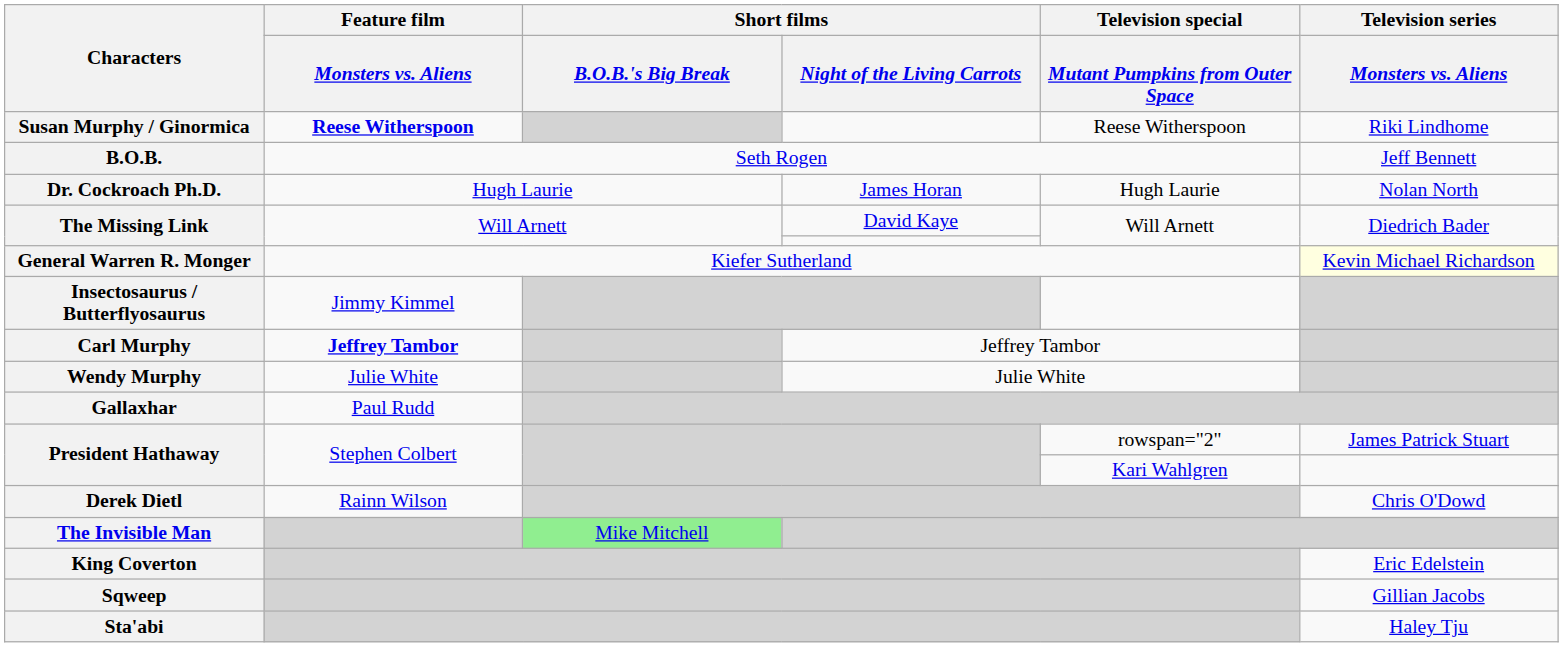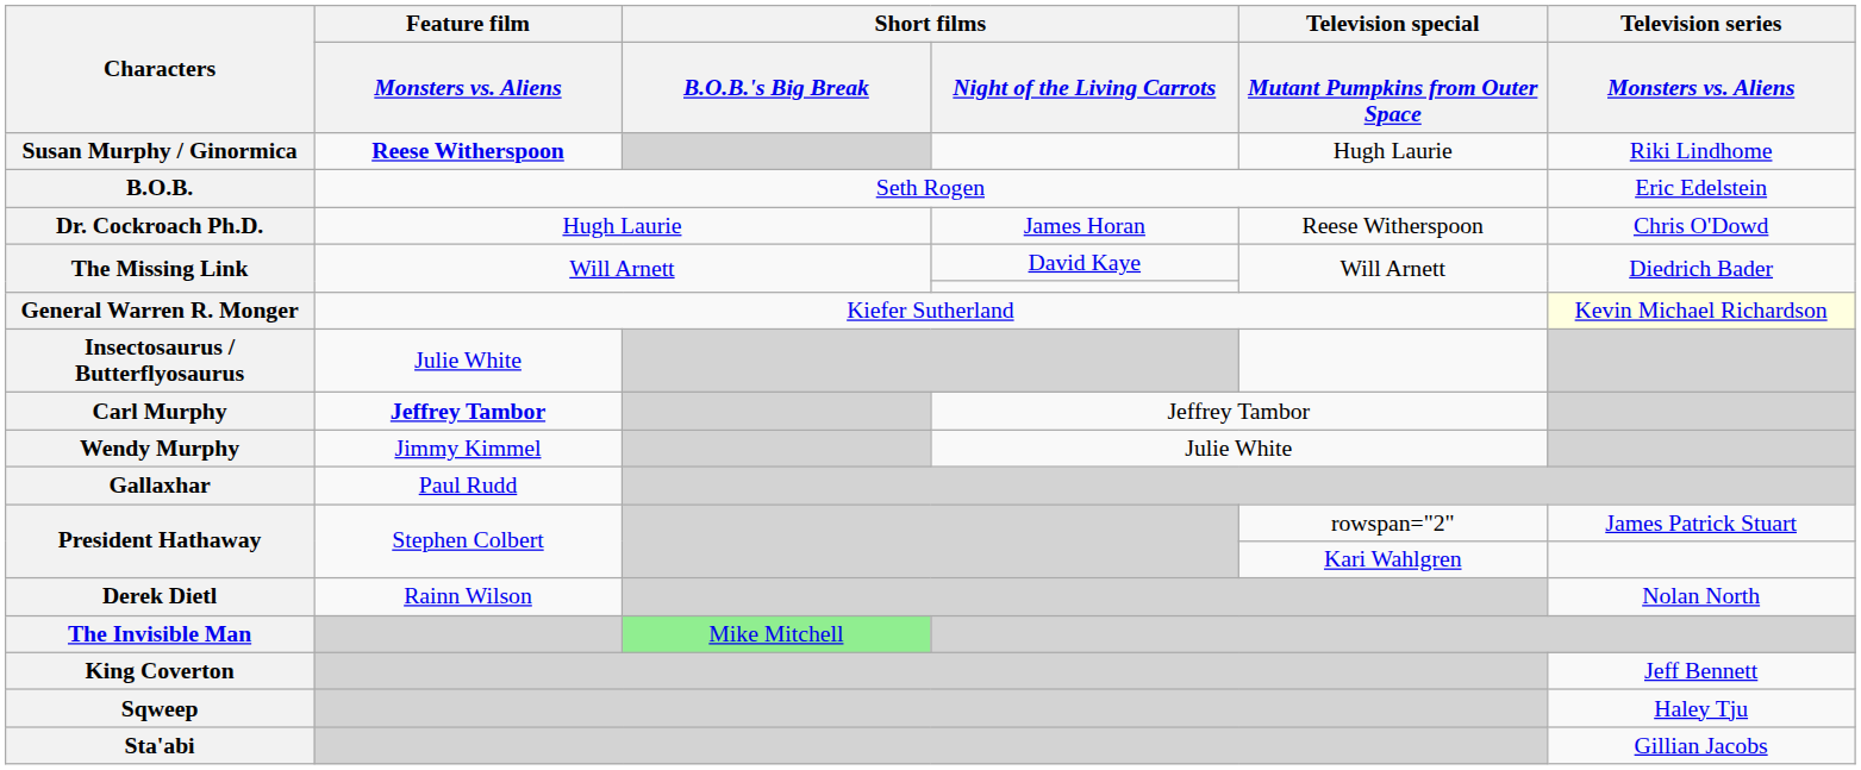 <table class="wikitable"  style="text-align:center; width:100%;">
 <tr>
 <th rowspan="2" style="width:15%;">Characters</th>
 <th>Feature film</th>
 <th colspan="2">Short films</th>
 <th>Television special</th>
 <th>Television series</th>
 </tr>
 <tr>
 <th style="width:15%;"><em><a href='#'>Monsters vs. Aliens</a></em></th>
 <th style="width:15%;"><em><a href='#'>B.O.B.'s Big Break</a></em></th>
 <th style="width:15%;"><em><a href='#'>Night of the Living Carrots</a></em></th>
 <th style="width:15%;"><em><a href='#'><br>Mutant Pumpkins from Outer Space</a></em></th>
 <th style="width:15%;"><em><a href='#'>Monsters vs. Aliens</a></em></th>
 </tr>
 <tr>
 <th>Susan Murphy / Ginormica</th>
 <td><strong><a href='#'>Reese Witherspoon</a></strong></td>
 <td style="background:lightgrey;"></td>
 <td></td>
-<td>Reese Witherspoon</td>
+<td>Hugh Laurie</td>
 <td><a href='#'>Riki Lindhome</a></td>
 </tr>
 <tr>
 <th>B.O.B.<br></th>
 <td colspan="4"><a href='#'>Seth Rogen</a></td>
-<td><a href='#'>Jeff Bennett</a></td>
+<td><a href='#'>Eric Edelstein</a></td>
 </tr>
 <tr>
 <th>Dr. Cockroach Ph.D.</th>
 <td colspan="2"><a href='#'>Hugh Laurie</a></td>
 <td><a href='#'>James Horan</a></td>
-<td>Hugh Laurie</td>
-<td><a href='#'>Nolan North</a></td>
+<td>Reese Witherspoon</td>
+<td><a href='#'>Chris O'Dowd</a></td>
 </tr>
 <tr>
 <th rowspan="2">The Missing Link</th>
 <td rowspan="2" colspan="2"><a href='#'>Will Arnett</a></td>
 <td><a href='#'>David Kaye</a></td>
 <td rowspan="2">Will Arnett</td>
 <td rowspan="2"><a href='#'>Diedrich Bader</a></td>
 </tr>
 <tr>
 <td></td>
 </tr>
 <tr>
 <th>General Warren R. Monger</th>
 <td colspan="4"><a href='#'>Kiefer Sutherland</a></td>
 <td style="background: lightyellow;"><a href='#'>Kevin Michael Richardson</a></td>
 </tr>
 <tr>
 <th>Insectosaurus / Butterflyosaurus</th>
-<td><a href='#'>Jimmy Kimmel</a></td>
+<td><a href='#'>Julie White</a></td>
 <td colspan="2" style="background:lightgrey;"></td>
 <td></td>
 <td style="background:lightgrey;"></td>
 </tr>
 <tr>
 <th>Carl Murphy</th>
 <td><strong><a href='#'>Jeffrey Tambor</a></strong></td>
 <td style="background:lightgrey;"></td>
 <td colspan="2">Jeffrey Tambor</td>
 <td style="background:lightgrey;"></td>
 </tr>
 <tr>
 <th>Wendy Murphy</th>
-<td><a href='#'>Julie White</a></td>
+<td><a href='#'>Jimmy Kimmel</a></td>
 <td style="background:lightgrey;"></td>
 <td colspan="2">Julie White</td>
 <td style="background:lightgrey;"></td>
 </tr>
 <tr>
 <th>Gallaxhar</th>
 <td><a href='#'>Paul Rudd</a></td>
 <td colspan="4" style="background:lightgrey;"></td>
 </tr>
 <tr>
 <th rowspan="2">President Hathaway</th>
 <td rowspan="2"><a href='#'>Stephen Colbert</a></td>
 <td rowspan="2" colspan="2" style="background:lightgrey;"></td>
 <td>rowspan="2" </td>
 <td><a href='#'>James Patrick Stuart</a></td>
 </tr>
 <tr>
 <td><a href='#'>Kari Wahlgren</a></td>
 </tr>
 <tr>
 <th>Derek Dietl</th>
 <td><a href='#'>Rainn Wilson</a></td>
 <td colspan="3" style="background:lightgrey;"></td>
-<td><a href='#'>Chris O'Dowd</a></td>
+<td><a href='#'>Nolan North</a></td>
 </tr>
 <tr>
 <th><a href='#'>The Invisible Man</a></th>
 <td style="background:lightgrey;"></td>
 <td style="background: lightgreen;"><a href='#'>Mike Mitchell</a></td>
 <td colspan="4" style="background:lightgrey;"></td>
 </tr>
 <tr>
 <th>King Coverton</th>
 <td colspan="4" style="background:lightgrey;"></td>
-<td><a href='#'>Eric Edelstein</a></td>
+<td><a href='#'>Jeff Bennett</a></td>
 </tr>
 <tr>
 <th>Sqweep</th>
 <td colspan="4" style="background:lightgrey;"></td>
-<td><a href='#'>Gillian Jacobs</a></td>
+<td><a href='#'>Haley Tju</a></td>
 </tr>
 <tr>
 <th>Sta'abi</th>
 <td colspan="4" style="background:lightgrey;"></td>
-<td><a href='#'>Haley Tju</a></td>
+<td><a href='#'>Gillian Jacobs</a></td>
 </tr>
 </table>
